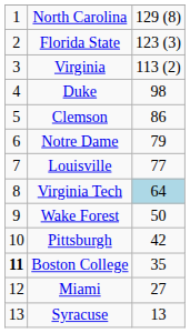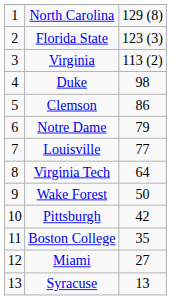 <table class="wikitable" style="display: inline-table;">
 <tr align="center">
 </tr>
 <tr align="center">
 <td>1</td>
 <td><a href='#'>North Carolina</a></td>
 <td>129 (8)</td>
 </tr>
 <tr align="center">
 <td>2</td>
 <td><a href='#'>Florida State</a></td>
 <td>123 (3)</td>
 </tr>
 <tr align="center">
 <td>3</td>
 <td><a href='#'>Virginia</a></td>
 <td>113 (2)</td>
 </tr>
 <tr align="center">
 <td>4</td>
 <td><a href='#'>Duke</a></td>
 <td>98</td>
 </tr>
 <tr align="center">
 <td>5</td>
 <td><a href='#'>Clemson</a></td>
 <td>86</td>
 </tr>
 <tr align="center">
 <td>6</td>
 <td><a href='#'>Notre Dame</a></td>
 <td>79</td>
 </tr>
 <tr align="center">
 <td>7</td>
 <td><a href='#'>Louisville</a></td>
 <td>77</td>
 </tr>
 <tr align="center">
 <td>8</td>
 <td><a href='#'>Virginia Tech</a></td>
-<td style="background: lightblue;">64</td>
+<td>64</td>
 </tr>
 <tr align="center">
 <td>9</td>
 <td><a href='#'>Wake Forest</a></td>
 <td>50</td>
 </tr>
 <tr align="center">
 <td>10</td>
 <td><a href='#'>Pittsburgh</a></td>
 <td>42</td>
 </tr>
 <tr align="center">
-<td><strong>11</strong></td>
+<td>11</td>
 <td><a href='#'>Boston College</a></td>
 <td>35</td>
 </tr>
 <tr align="center">
 <td>12</td>
 <td><a href='#'>Miami</a></td>
 <td>27</td>
 </tr>
 <tr align="center">
 <td>13</td>
 <td><a href='#'>Syracuse</a></td>
 <td>13</td>
 </tr>
 </table>
